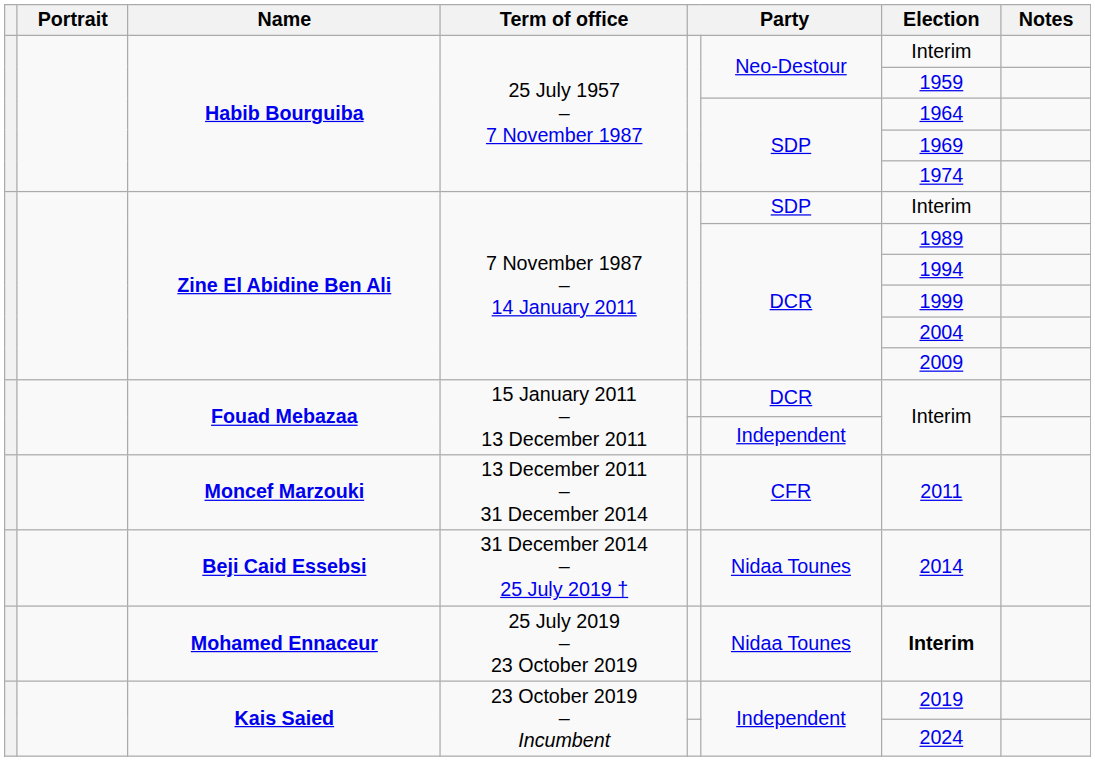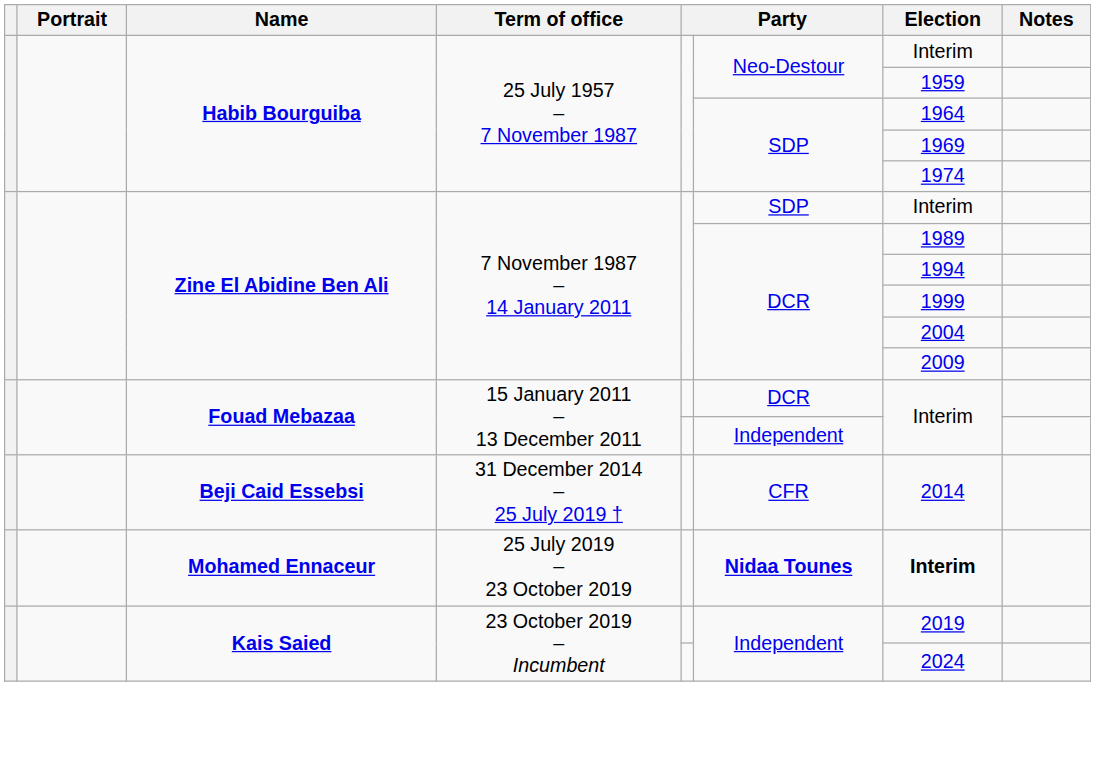 <table class="wikitable" width="100%" style="text-align: center;">
 <tr>
 <th></th>
 <th>Portrait</th>
 <th>Name<br></th>
 <th>Term of office</th>
 <th colspan="2">Party</th>
 <th>Election</th>
 <th>Notes</th>
 </tr>
 <tr>
 <th rowspan="5"></th>
 <td rowspan="5"></td>
 <td rowspan="5"><strong><a href='#'>Habib Bourguiba</a></strong><br></td>
 <td rowspan="5"><span>25 July 1957</span><br>–<br><span><a href='#'>7 November 1987</a></span></td>
 <td rowspan="5" style="background: "></td>
 <td rowspan="2"><a href='#'>Neo-Destour</a></td>
 <td>Interim</td>
 <td></td>
 </tr>
 <tr>
 <td><a href='#'>1959</a></td>
 <td></td>
 </tr>
 <tr>
 <td rowspan="3"><a href='#'>SDP</a></td>
 <td><a href='#'>1964</a></td>
 <td></td>
 </tr>
 <tr>
 <td><a href='#'>1969</a></td>
 <td></td>
 </tr>
 <tr>
 <td><a href='#'>1974</a></td>
 <td></td>
 </tr>
 <tr>
 <th rowspan="6"></th>
 <td rowspan="6"></td>
 <td rowspan="6"><strong><a href='#'>Zine El Abidine Ben Ali</a></strong><br></td>
 <td rowspan="6"><span>7 November 1987</span><br>–<br><span><a href='#'>14 January 2011</a></span></td>
 <td rowspan="6" style="background: "></td>
 <td><a href='#'>SDP</a></td>
 <td>Interim</td>
 <td></td>
 </tr>
 <tr>
 <td rowspan="5"><a href='#'>DCR</a></td>
 <td><a href='#'>1989</a></td>
 <td></td>
 </tr>
 <tr>
 <td><a href='#'>1994</a></td>
 <td></td>
 </tr>
 <tr>
 <td><a href='#'>1999</a></td>
 <td></td>
 </tr>
 <tr>
 <td><a href='#'>2004</a></td>
 <td></td>
 </tr>
 <tr>
 <td><a href='#'>2009</a></td>
 <td></td>
 </tr>
 <tr>
 <th rowspan="2"></th>
 <td rowspan="2"></td>
 <td rowspan="2"><strong><a href='#'>Fouad Mebazaa</a></strong><br></td>
 <td rowspan="2"><span>15 January 2011</span><br>–<br><span>13 December 2011</span></td>
 <td style="background: "></td>
 <td><a href='#'>DCR</a></td>
 <td rowspan="2">Interim</td>
 <td></td>
 </tr>
 <tr>
 <td style="background: "></td>
 <td><a href='#'>Independent</a></td>
 <td></td>
 </tr>
 <tr>
 <th></th>
 <td></td>
-<td><strong><a href='#'>Moncef Marzouki</a></strong><br></td>
-<td><span>13 December 2011</span><br>–<br><span>31 December 2014</span></td>
-<td style="background: "></td>
-<td><a href='#'>CFR</a></td>
-<td><a href='#'>2011</a></td>
-<td></td>
-</tr>
-<tr>
-<th></th>
-<td></td>
 <td><strong><a href='#'>Beji Caid Essebsi</a></strong><br></td>
 <td><span>31 December 2014</span><br>–<br><a href='#'>25 July 2019 †</a></td>
 <td style="background: "></td>
-<td><a href='#'>Nidaa Tounes</a></td>
+<td><a href='#'>CFR</a></td>
 <td><a href='#'>2014</a></td>
 <td></td>
 </tr>
 <tr>
 <th></th>
 <td></td>
 <td><strong><a href='#'>Mohamed Ennaceur</a></strong><br></td>
 <td><span>25 July 2019</span><br>–<br>23 October 2019</td>
 <td style="background: "></td>
-<td><a href='#'>Nidaa Tounes</a></td>
+<td><strong><a href='#'>Nidaa Tounes</a></strong></td>
 <td><strong>Interim</strong></td>
 <td></td>
 </tr>
 <tr>
 <th rowspan="2"></th>
 <td rowspan="2"></td>
 <td rowspan="2"><strong><a href='#'>Kais Saied</a></strong><br></td>
 <td rowspan="2"><span>23 October 2019</span><br>–<br><em>Incumbent</em><br></td>
 <td style="background: "></td>
 <td rowspan="2"><a href='#'>Independent</a></td>
 <td><a href='#'>2019</a></td>
 <td></td>
 </tr>
 <tr>
 <td style="background: "></td>
 <td><a href='#'>2024</a></td>
 <td></td>
 </tr>
 </table>
